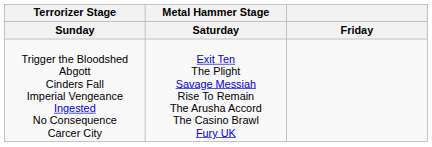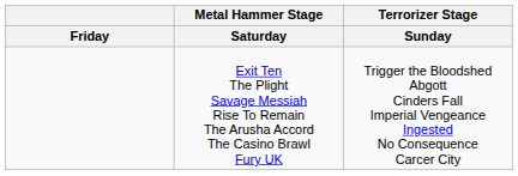 <table class="wikitable">
 <tr>
+<th></th>
+<th>Metal Hammer Stage</th>
 <th>Terrorizer Stage</th>
-<th>Metal Hammer Stage</th>
-<th></th>
 </tr>
 <tr>
+<th>Friday</th>
+<th>Saturday</th>
 <th>Sunday</th>
-<th>Saturday</th>
-<th>Friday</th>
 </tr>
 <tr>
+<td valign="top" align="center" width=200></td>
+<td valign="top" align="center" width=200><br><a href='#'>Exit Ten</a><br> The Plight<br> <a href='#'>Savage Messiah</a><br> Rise To Remain<br> The Arusha Accord<br> The Casino Brawl<br> <a href='#'>Fury UK</a></td>
 <td valign="top" align="center" width=200><br>Trigger the Bloodshed<br> Abgott<br> Cinders Fall<br> Imperial Vengeance<br> <a href='#'>Ingested</a><br> No Consequence<br> Carcer City</td>
-<td valign="top" align="center" width=200><br><a href='#'>Exit Ten</a><br> The Plight<br> <a href='#'>Savage Messiah</a><br> Rise To Remain<br> The Arusha Accord<br> The Casino Brawl<br> <a href='#'>Fury UK</a></td>
-<td valign="top" align="center" width=200></td>
 </tr>
 </table>
